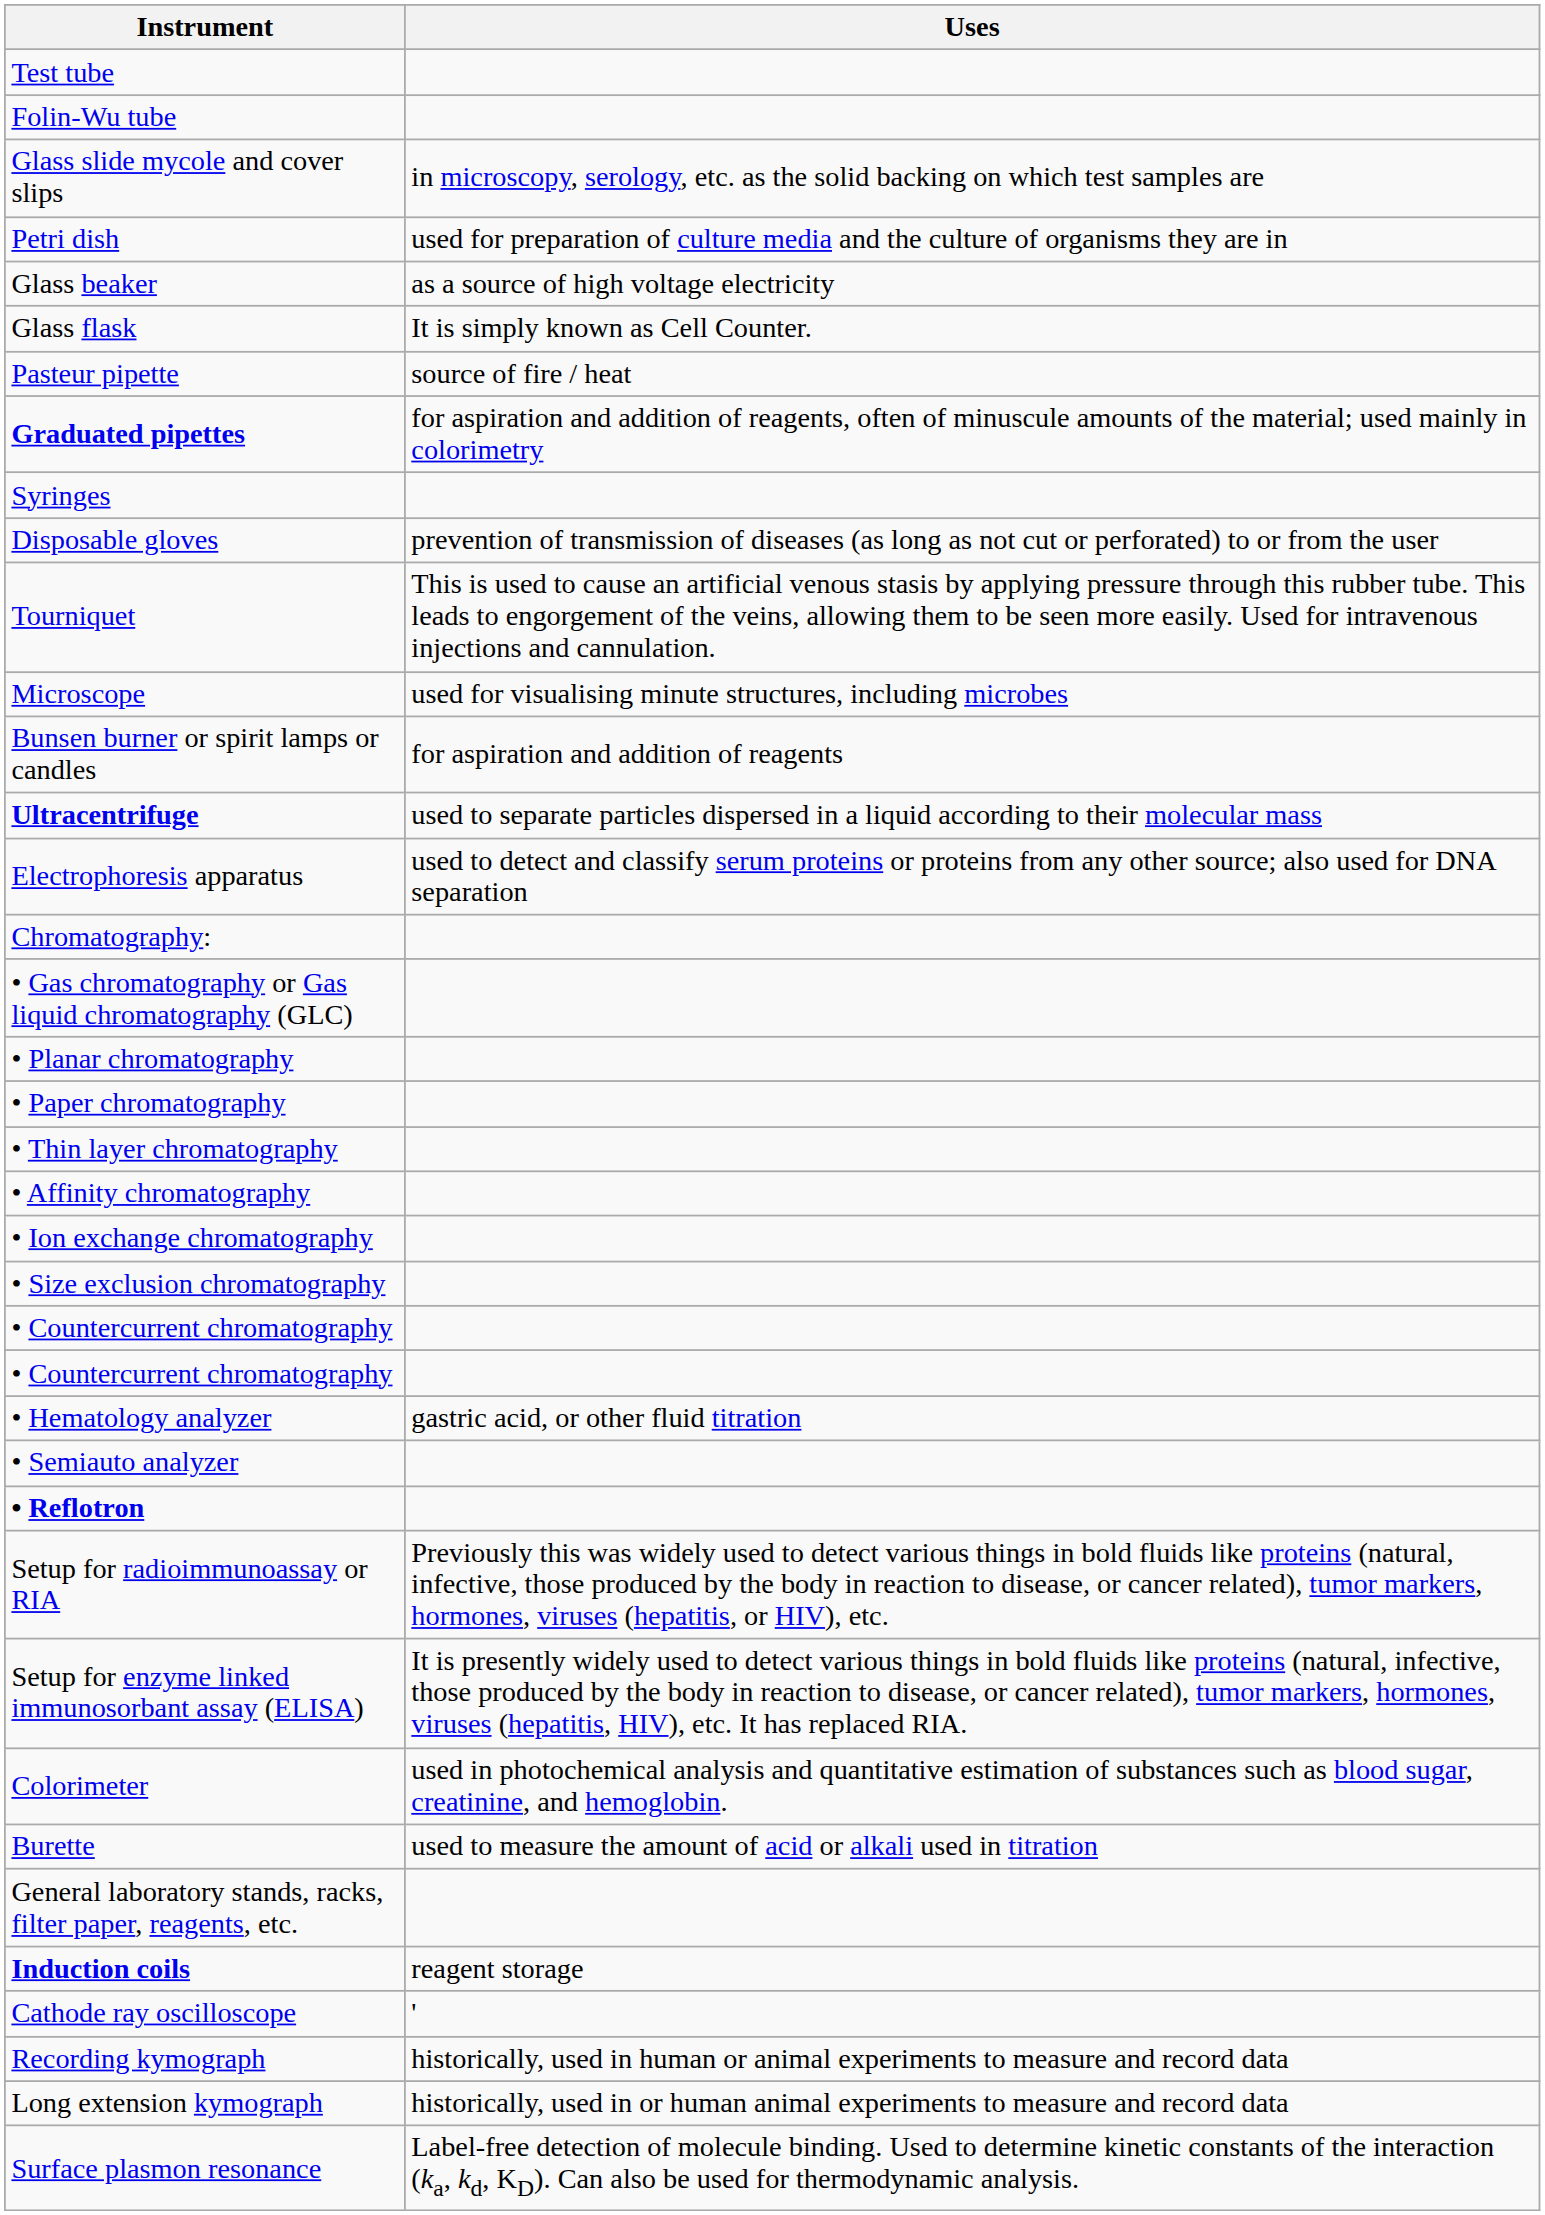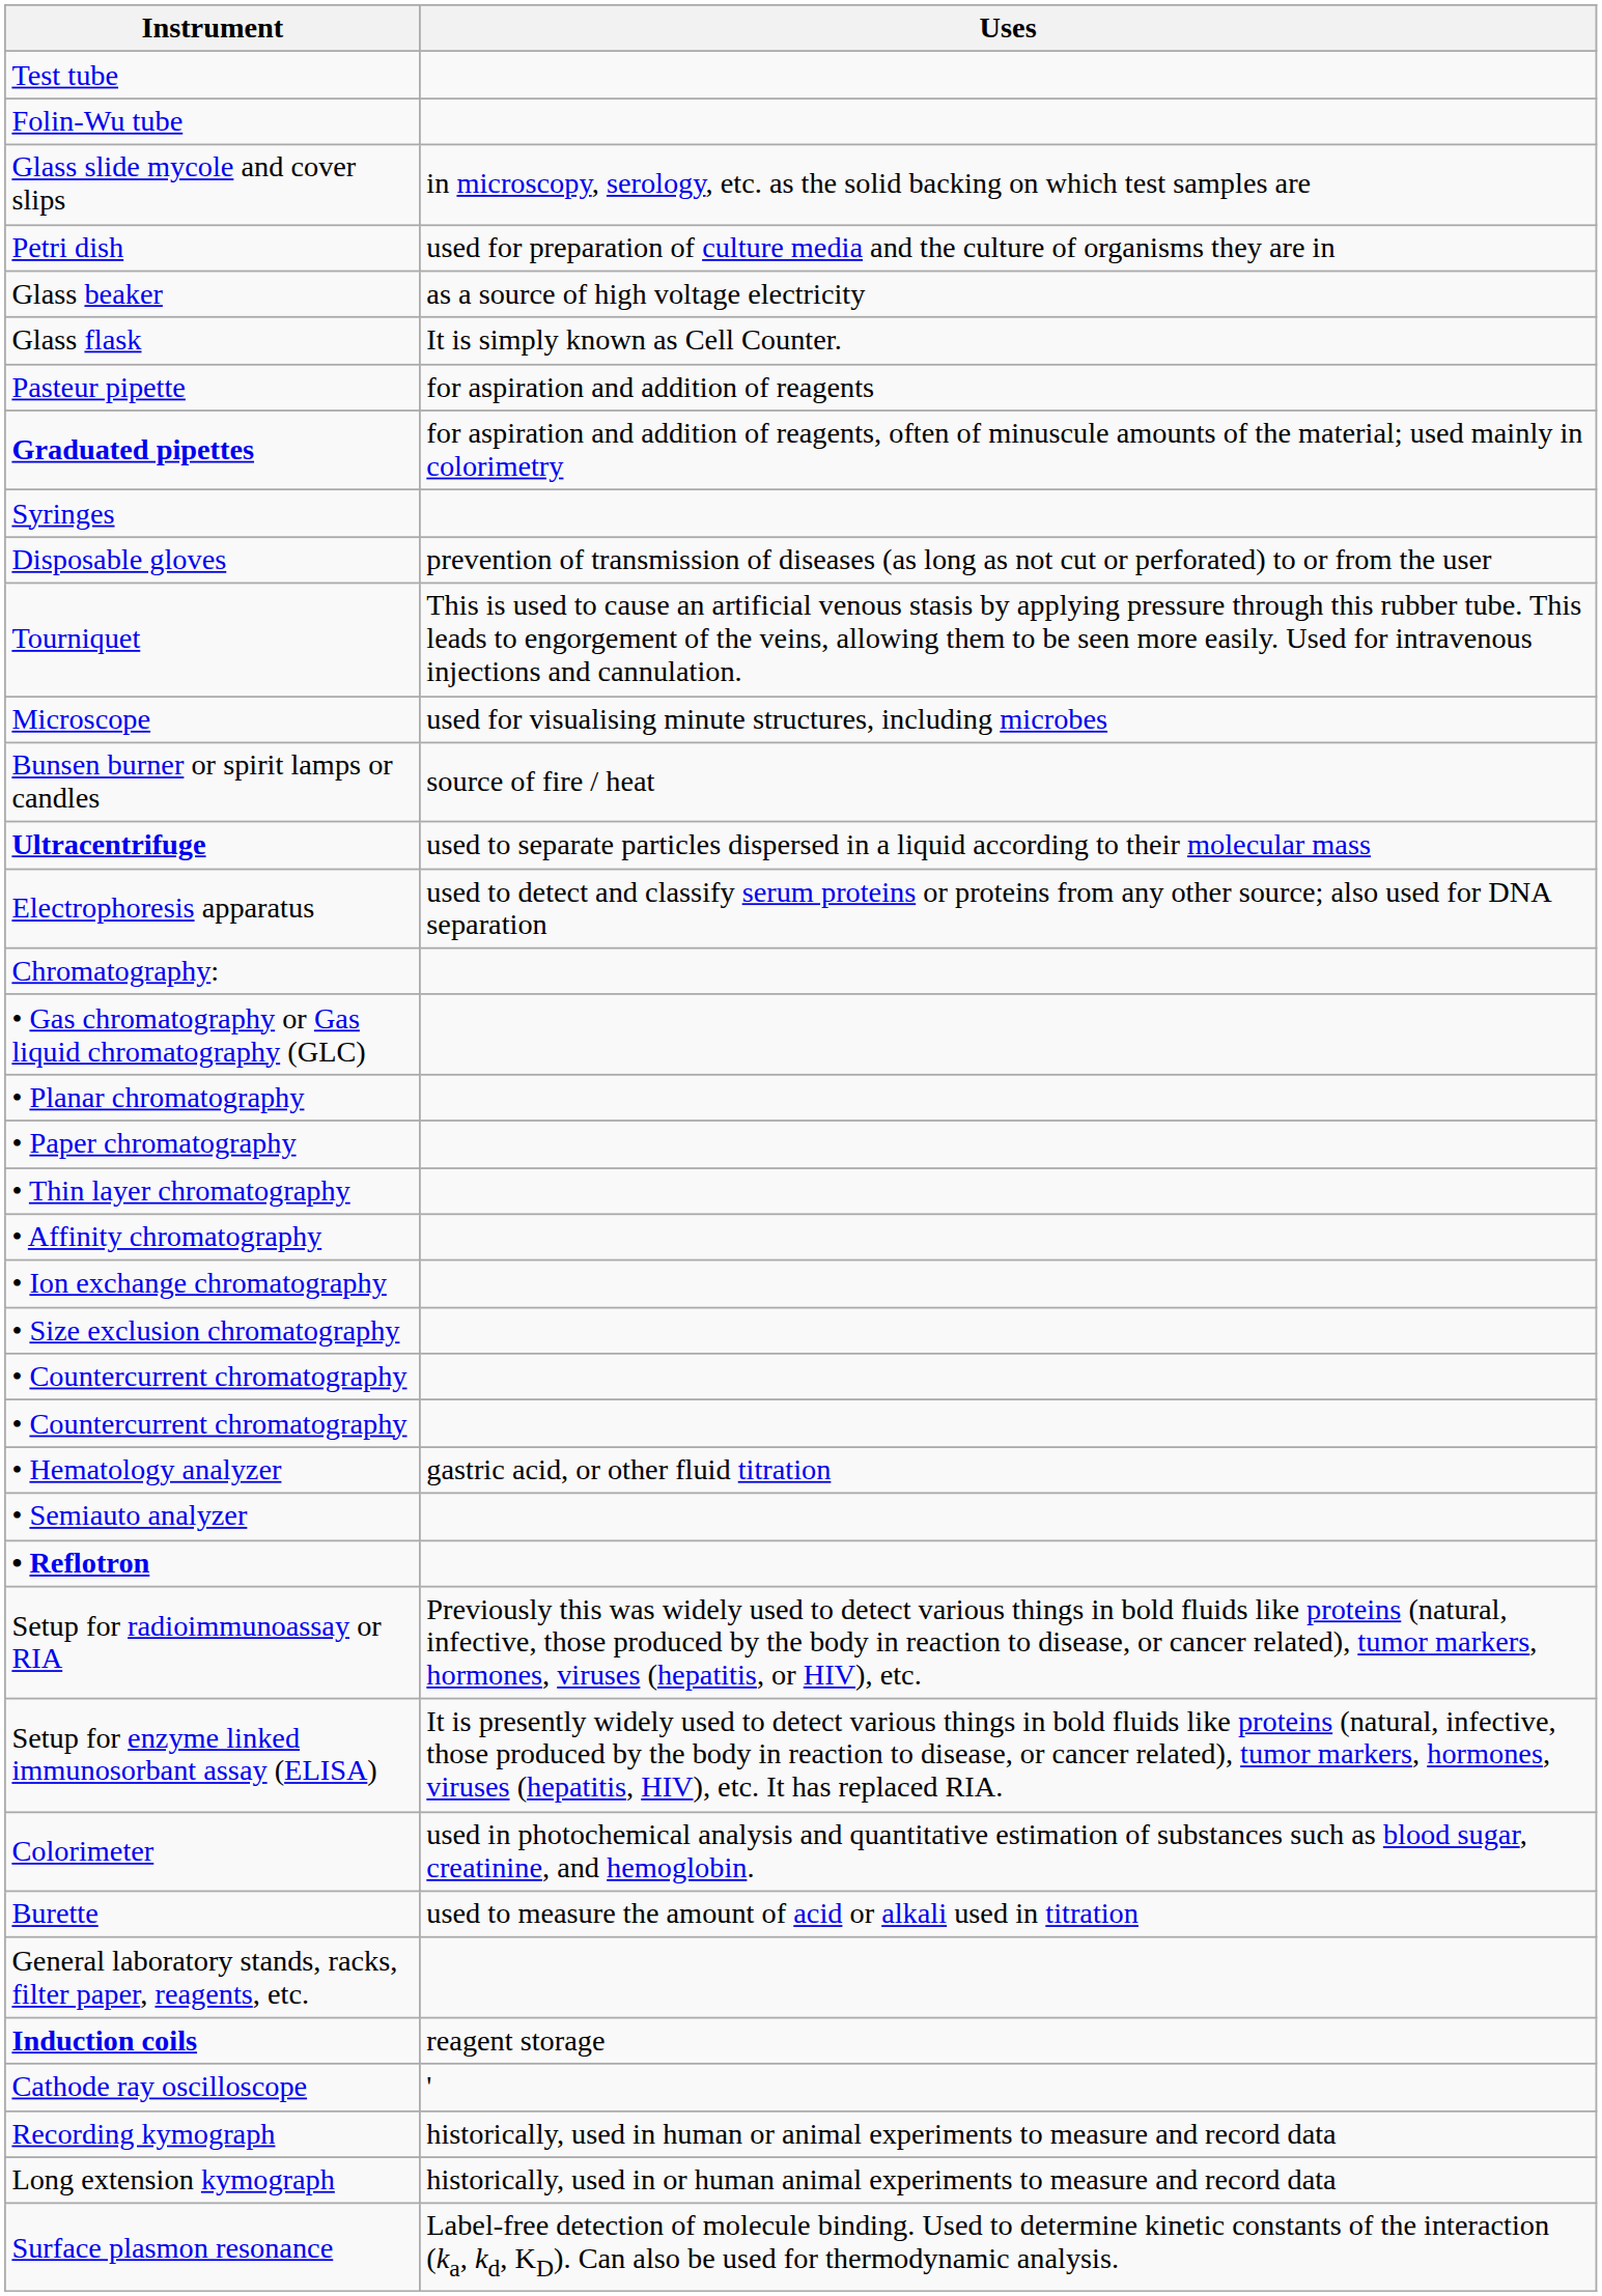 <table class="wikitable">
 <tr>
 <th>Instrument</th>
 <th>Uses</th>
 </tr>
 <tr>
 <td><a href='#'>Test tube</a></td>
 <td></td>
 </tr>
 <tr>
 <td><a href='#'>Folin-Wu tube</a></td>
 <td></td>
 </tr>
 <tr>
 <td><a href='#'>Glass slide mycole</a> and cover slips</td>
 <td>in <a href='#'>microscopy</a>, <a href='#'>serology</a>, etc. as the solid backing on which test samples are</td>
 </tr>
 <tr>
 <td><a href='#'>Petri dish</a></td>
 <td>used for preparation of <a href='#'>culture media</a> and the culture of organisms they are in</td>
 </tr>
 <tr>
 <td>Glass <a href='#'>beaker</a></td>
 <td>as a source of high voltage electricity</td>
 </tr>
 <tr>
 <td>Glass <a href='#'>flask</a></td>
 <td>It is simply known as Cell Counter.</td>
 </tr>
 <tr>
 <td><a href='#'>Pasteur pipette</a></td>
-<td>source of fire / heat</td>
+<td>for aspiration and addition of reagents</td>
 </tr>
 <tr>
 <td><strong><a href='#'>Graduated pipettes</a></strong></td>
 <td>for aspiration and addition of reagents, often of minuscule amounts of the material; used mainly in <a href='#'>colorimetry</a></td>
 </tr>
 <tr>
 <td><a href='#'>Syringes</a></td>
 <td></td>
 </tr>
 <tr>
 <td><a href='#'>Disposable gloves</a></td>
 <td>prevention of transmission of diseases (as long as not cut or perforated) to or from the user</td>
 </tr>
 <tr>
 <td><a href='#'>Tourniquet</a></td>
 <td>This is used to cause an artificial venous stasis by applying pressure through this rubber tube. This leads to engorgement of the veins, allowing them to be seen more easily. Used for intravenous injections and cannulation.</td>
 </tr>
 <tr>
 <td><a href='#'>Microscope</a></td>
 <td>used for visualising minute structures, including <a href='#'>microbes</a></td>
 </tr>
 <tr>
 <td><a href='#'>Bunsen burner</a> or spirit lamps or candles</td>
-<td>for aspiration and addition of reagents</td>
+<td>source of fire / heat</td>
 </tr>
 <tr>
 <td><strong><a href='#'>Ultracentrifuge</a></strong></td>
 <td>used to separate particles dispersed in a liquid according to their <a href='#'>molecular mass</a></td>
 </tr>
 <tr>
 <td><a href='#'>Electrophoresis</a> apparatus</td>
 <td>used to detect and classify <a href='#'>serum proteins</a> or proteins from any other source; also used for DNA separation</td>
 </tr>
 <tr>
 <td><a href='#'>Chromatography</a>:</td>
 <td></td>
 </tr>
 <tr>
 <td>• <a href='#'>Gas chromatography</a> or <a href='#'>Gas liquid chromatography</a> (GLC)</td>
 <td></td>
 </tr>
 <tr>
 <td>• <a href='#'>Planar chromatography</a></td>
 <td></td>
 </tr>
 <tr>
 <td>• <a href='#'>Paper chromatography</a></td>
 <td></td>
 </tr>
 <tr>
 <td>• <a href='#'>Thin layer chromatography</a></td>
 <td></td>
 </tr>
 <tr>
 <td>• <a href='#'>Affinity chromatography</a></td>
 <td></td>
 </tr>
 <tr>
 <td>• <a href='#'>Ion exchange chromatography</a></td>
 <td></td>
 </tr>
 <tr>
 <td>• <a href='#'>Size exclusion chromatography</a></td>
 <td></td>
 </tr>
 <tr>
 <td>• <a href='#'>Countercurrent chromatography</a></td>
 <td></td>
 </tr>
 <tr>
 <td>• <a href='#'>Countercurrent chromatography</a></td>
 <td></td>
 </tr>
 <tr>
 <td>• <a href='#'>Hematology analyzer</a></td>
 <td>gastric acid, or other fluid <a href='#'>titration</a></td>
 </tr>
 <tr>
 <td>• <a href='#'>Semiauto analyzer</a></td>
 <td></td>
 </tr>
 <tr>
 <td><strong>• <a href='#'>Reflotron</a></strong></td>
 <td></td>
 </tr>
 <tr>
 <td>Setup for <a href='#'>radioimmunoassay</a> or <a href='#'>RIA</a></td>
 <td>Previously this was widely used to detect various things in bold fluids like <a href='#'>proteins</a> (natural, infective, those produced by the body in reaction to disease, or cancer related), <a href='#'>tumor markers</a>, <a href='#'>hormones</a>, <a href='#'>viruses</a> (<a href='#'>hepatitis</a>, or <a href='#'>HIV</a>), etc.</td>
 </tr>
 <tr>
 <td>Setup for <a href='#'>enzyme linked immunosorbant assay</a> (<a href='#'>ELISA</a>)</td>
 <td>It is presently widely used to detect various things in bold fluids like <a href='#'>proteins</a> (natural, infective, those produced by the body in reaction to disease, or cancer related), <a href='#'>tumor markers</a>, <a href='#'>hormones</a>, <a href='#'>viruses</a> (<a href='#'>hepatitis</a>, <a href='#'>HIV</a>), etc. It has replaced RIA.</td>
 </tr>
 <tr>
 <td><a href='#'>Colorimeter</a></td>
 <td>used in photochemical analysis and quantitative estimation of substances such as <a href='#'>blood sugar</a>, <a href='#'>creatinine</a>, and <a href='#'>hemoglobin</a>.</td>
 </tr>
 <tr>
 <td><a href='#'>Burette</a></td>
 <td>used to measure the amount of <a href='#'>acid</a> or <a href='#'>alkali</a> used in <a href='#'>titration</a></td>
 </tr>
 <tr>
 <td>General laboratory stands, racks, <a href='#'>filter paper</a>, <a href='#'>reagents</a>, etc.</td>
 <td></td>
 </tr>
 <tr>
 <td><strong><a href='#'>Induction coils</a></strong></td>
 <td>reagent storage</td>
 </tr>
 <tr>
 <td><a href='#'>Cathode ray oscilloscope</a></td>
 <td>'</td>
 </tr>
 <tr>
 <td><a href='#'>Recording kymograph</a></td>
 <td>historically, used in human or animal experiments to measure and record data</td>
 </tr>
 <tr>
 <td>Long extension <a href='#'>kymograph</a></td>
 <td>historically, used in or human animal experiments to measure and record data</td>
 </tr>
 <tr>
 <td><a href='#'>Surface plasmon resonance</a></td>
 <td>Label-free detection of molecule binding.  Used to determine kinetic constants of the interaction (<em>k</em><sub>a</sub>, <em>k</em><sub>d</sub>, K<sub>D</sub>).  Can also be used for thermodynamic analysis.</td>
 </tr>
 </table>
